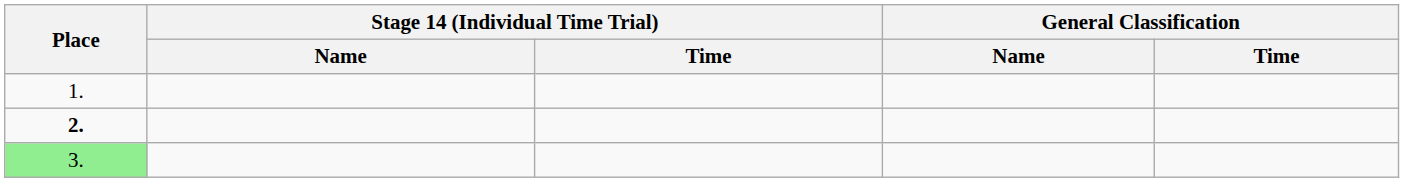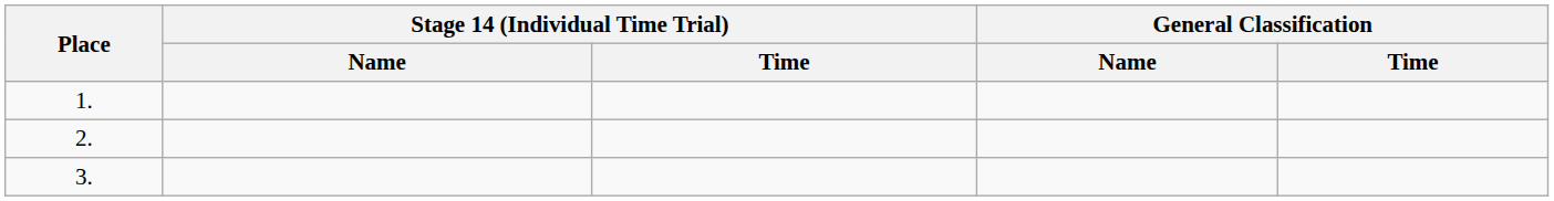 <table class=wikitable style="font-size:95%" width="80%">
 <tr>
 <th rowspan="2">Place</th>
 <th colspan="2">Stage 14 (Individual Time Trial)</th>
 <th colspan="2">General Classification</th>
 </tr>
 <tr>
 <th>Name</th>
 <th>Time</th>
 <th>Name</th>
 <th>Time</th>
 </tr>
 <tr>
 <td align="center">1.</td>
 <td></td>
 <td></td>
 <td></td>
 <td></td>
 </tr>
 <tr>
-<td align="center"><strong>2.</strong></td>
+<td align="center">2.</td>
 <td></td>
 <td></td>
 <td></td>
 <td></td>
 </tr>
 <tr>
-<td align="center" style="background: lightgreen;">3.</td>
+<td align="center">3.</td>
 <td></td>
 <td></td>
 <td></td>
 <td></td>
 </tr>
 </table>
